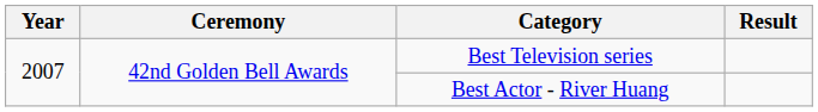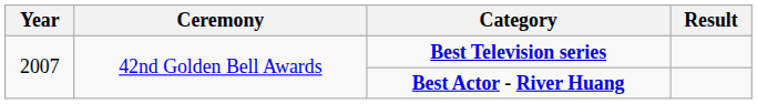 <table class="wikitable">
 <tr>
 <th style="width:50px;">Year</th>
 <th style="width:240px;">Ceremony</th>
 <th style="width:250px;">Category</th>
 <th style="width:60px;">Result</th>
 </tr>
 <tr>
 <td align="center" rowspan=2>2007</td>
 <td align="center" rowspan=2><a href='#'>42nd Golden Bell Awards</a></td>
-<td align="center"><a href='#'>Best Television series</a></td>
+<td align="center"><strong><a href='#'>Best Television series</a></strong></td>
 <td></td>
 </tr>
 <tr>
-<td align="center"><a href='#'>Best Actor</a> - <a href='#'>River Huang</a></td>
+<td align="center"><strong><a href='#'>Best Actor</a> - <a href='#'>River Huang</a></strong></td>
 <td></td>
 </tr>
 </table>
